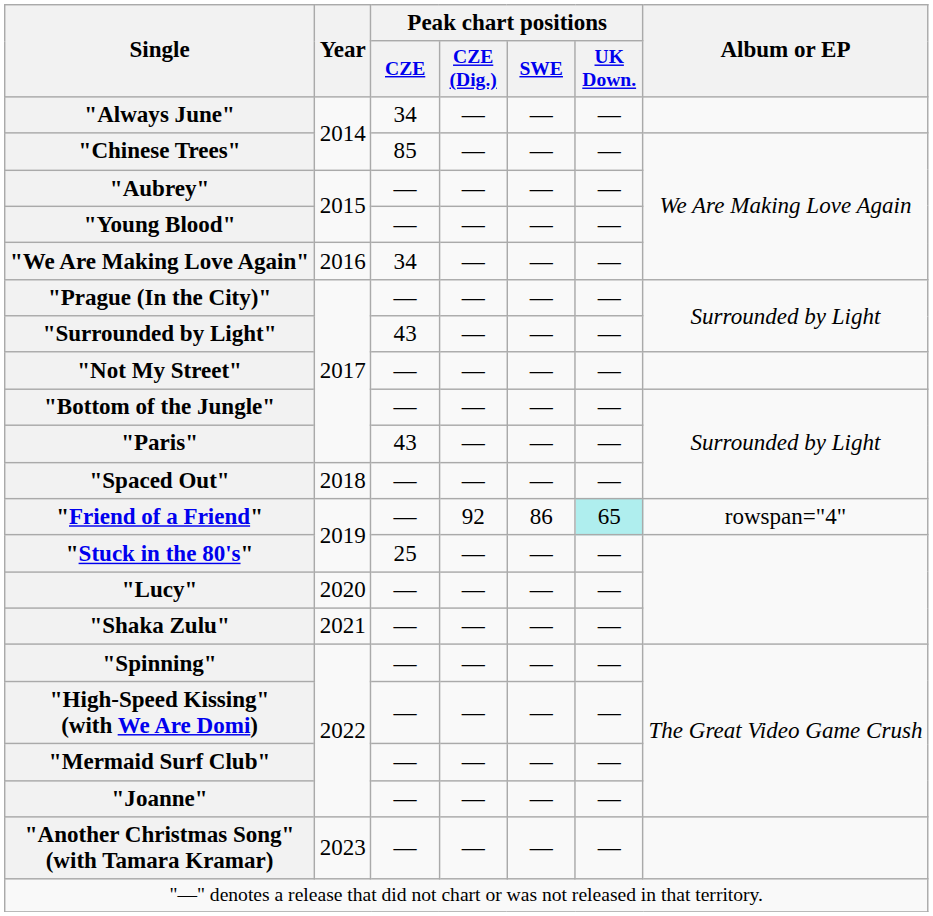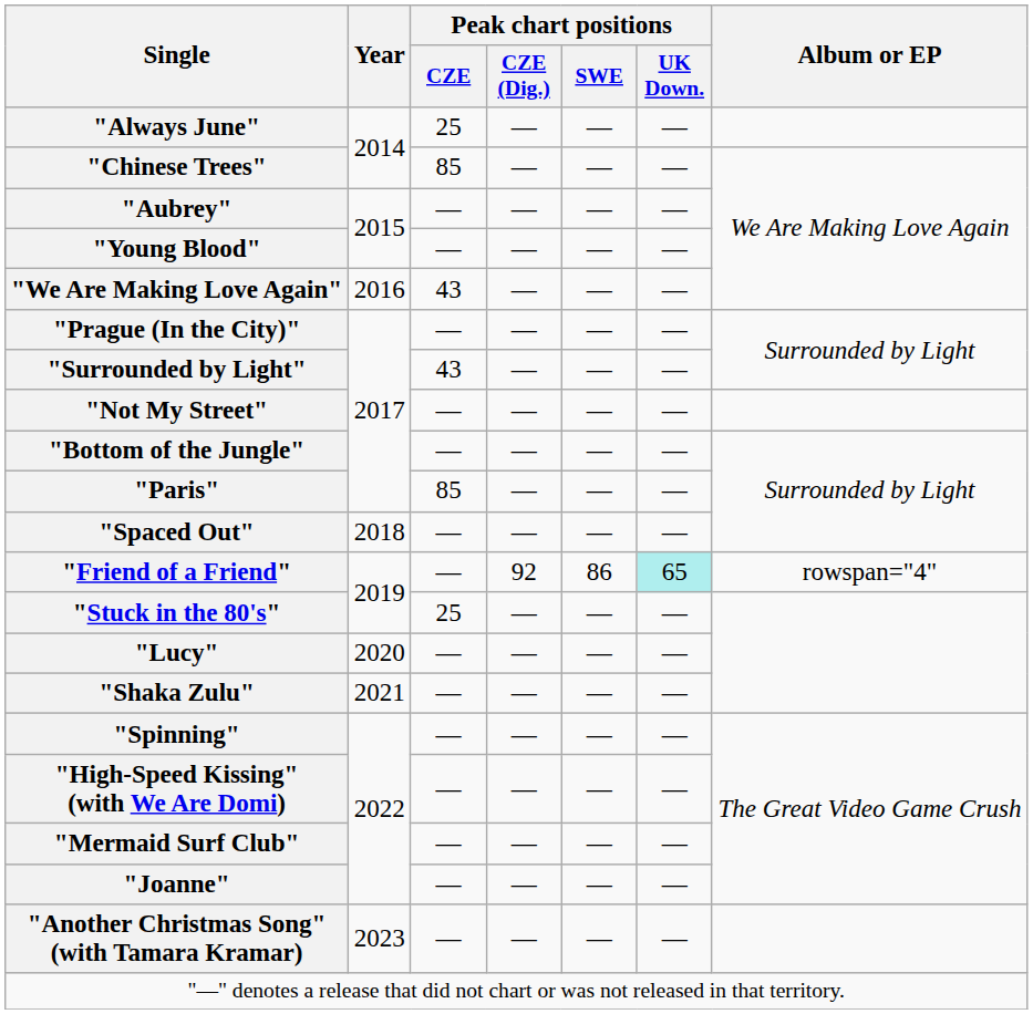 <table class="wikitable plainrowheaders" style="text-align:center;">
 <tr>
 <th scope="col" rowspan="2">Single</th>
 <th scope="col" rowspan="2">Year</th>
 <th scope="col" colspan="4">Peak chart positions</th>
 <th scope="col" rowspan="2">Album or EP</th>
 </tr>
 <tr>
 <th scope="col" style="width:3em;font-size:85%;"><a href='#'>CZE</a><br></th>
 <th scope="col" style="width:3em;font-size:85%;"><a href='#'>CZE (Dig.)</a><br></th>
 <th scope="col" style="width:3em;font-size:85%;"><a href='#'>SWE</a><br></th>
 <th scope="col" style="width:3em;font-size:85%;"><a href='#'>UK<br>Down.</a><br></th>
 </tr>
 <tr>
 <th scope="row">"Always June"</th>
 <td rowspan="2">2014</td>
-<td>34</td>
+<td>25</td>
 <td>—</td>
 <td>—</td>
 <td>—</td>
 <td></td>
 </tr>
 <tr>
 <th scope="row">"Chinese Trees"</th>
 <td>85</td>
 <td>—</td>
 <td>—</td>
 <td>—</td>
 <td rowspan="4"><em>We Are Making Love Again</em></td>
 </tr>
 <tr>
 <th scope="row">"Aubrey"</th>
 <td rowspan="2">2015</td>
 <td>—</td>
 <td>—</td>
 <td>—</td>
 <td>—</td>
 </tr>
 <tr>
 <th scope="row">"Young Blood"</th>
 <td>—</td>
 <td>—</td>
 <td>—</td>
 <td>—</td>
 </tr>
 <tr>
 <th scope="row">"We Are Making Love Again"</th>
 <td>2016</td>
-<td>34</td>
+<td>43</td>
 <td>—</td>
 <td>—</td>
 <td>—</td>
 </tr>
 <tr>
 <th scope="row">"Prague (In the City)"</th>
 <td rowspan="5">2017</td>
 <td>—</td>
 <td>—</td>
 <td>—</td>
 <td>—</td>
 <td rowspan="2"><em>Surrounded by Light</em></td>
 </tr>
 <tr>
 <th scope="row">"Surrounded by Light"</th>
 <td>43</td>
 <td>—</td>
 <td>—</td>
 <td>—</td>
 </tr>
 <tr>
 <th scope="row">"Not My Street"</th>
 <td>—</td>
 <td>—</td>
 <td>—</td>
 <td>—</td>
 <td></td>
 </tr>
 <tr>
 <th scope="row">"Bottom of the Jungle"</th>
 <td>—</td>
 <td>—</td>
 <td>—</td>
 <td>—</td>
 <td rowspan="3"><em>Surrounded by Light</em></td>
 </tr>
 <tr>
 <th scope="row">"Paris"</th>
-<td>43</td>
+<td>85</td>
 <td>—</td>
 <td>—</td>
 <td>—</td>
 </tr>
 <tr>
 <th scope="row">"Spaced Out"</th>
 <td>2018</td>
 <td>—</td>
 <td>—</td>
 <td>—</td>
 <td>—</td>
 </tr>
 <tr>
 <th scope="row">"<a href='#'>Friend of a Friend</a>"</th>
 <td rowspan="2">2019</td>
 <td>—</td>
 <td>92</td>
 <td>86</td>
 <td style="background: paleturquoise;">65</td>
 <td>rowspan="4" </td>
 </tr>
 <tr>
 <th scope="row">"<a href='#'>Stuck in the 80's</a>"</th>
 <td>25</td>
 <td>—</td>
 <td>—</td>
 <td>—</td>
 </tr>
 <tr>
 <th scope="row">"Lucy"</th>
 <td>2020</td>
 <td>—</td>
 <td>—</td>
 <td>—</td>
 <td>—</td>
 </tr>
 <tr>
 <th scope="row">"Shaka Zulu"</th>
 <td>2021</td>
 <td>—</td>
 <td>—</td>
 <td>—</td>
 <td>—</td>
 </tr>
 <tr>
 <th scope="row">"Spinning"</th>
 <td rowspan="4">2022</td>
 <td>—</td>
 <td>—</td>
 <td>—</td>
 <td>—</td>
 <td rowspan="4"><em>The Great Video Game Crush</em></td>
 </tr>
 <tr>
 <th scope="row">"High-Speed Kissing"<br><span>(with <a href='#'>We Are Domi</a>)</span></th>
 <td>—</td>
 <td>—</td>
 <td>—</td>
 <td>—</td>
 </tr>
 <tr>
 <th scope="row">"Mermaid Surf Club"</th>
 <td>—</td>
 <td>—</td>
 <td>—</td>
 <td>—</td>
 </tr>
 <tr>
 <th scope="row">"Joanne"</th>
 <td>—</td>
 <td>—</td>
 <td>—</td>
 <td>—</td>
 </tr>
 <tr>
 <th scope="row">"Another Christmas Song"<br><span>(with Tamara Kramar)</span></th>
 <td>2023</td>
 <td>—</td>
 <td>—</td>
 <td>—</td>
 <td>—</td>
 <td></td>
 </tr>
 <tr>
 <td colspan="11" style="font-size:85%">"—" denotes a release that did not chart or was not released in that territory.</td>
 </tr>
 </table>
